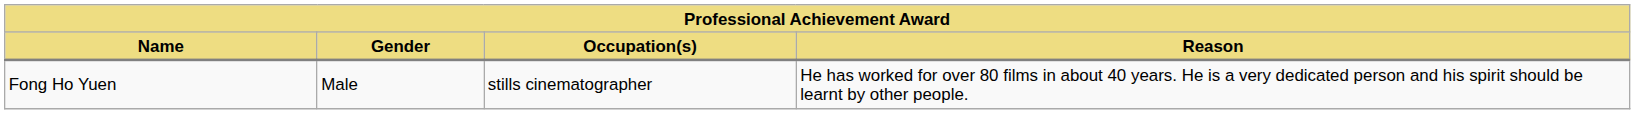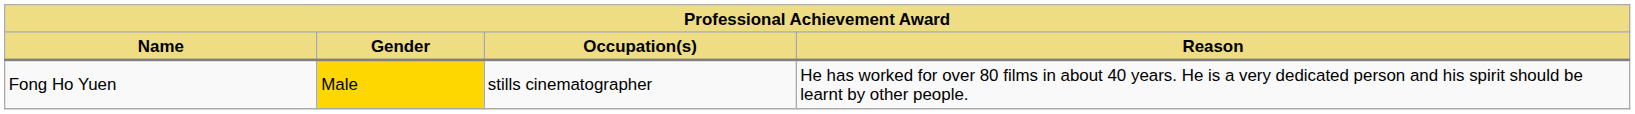 <table class="wikitable" style="font-size:small">
 <tr style="text-align:center;">
 <th colspan=4 style="background:#eedd82;">Professional Achievement Award</th>
 </tr>
 <tr style="text-align:center;">
 <th style="background:#eedd82;" width="15%">Name</th>
 <th style="background:#eedd82;" width="8%">Gender</th>
 <th style="background:#eedd82" width="15%">Occupation(s)</th>
 <th style="background:#eedd82;" width="40%">Reason</th>
 </tr>
 <tr style="border-top:2px solid gray;">
 <td>Fong Ho Yuen</td>
-<td>Male</td>
+<td style="background: gold;">Male</td>
 <td>stills cinematographer</td>
 <td>He has worked for over 80 films in about 40 years. He is a very dedicated person and his spirit should be learnt by other people.</td>
 </tr>
 <tr>
 </tr>
 </table>
